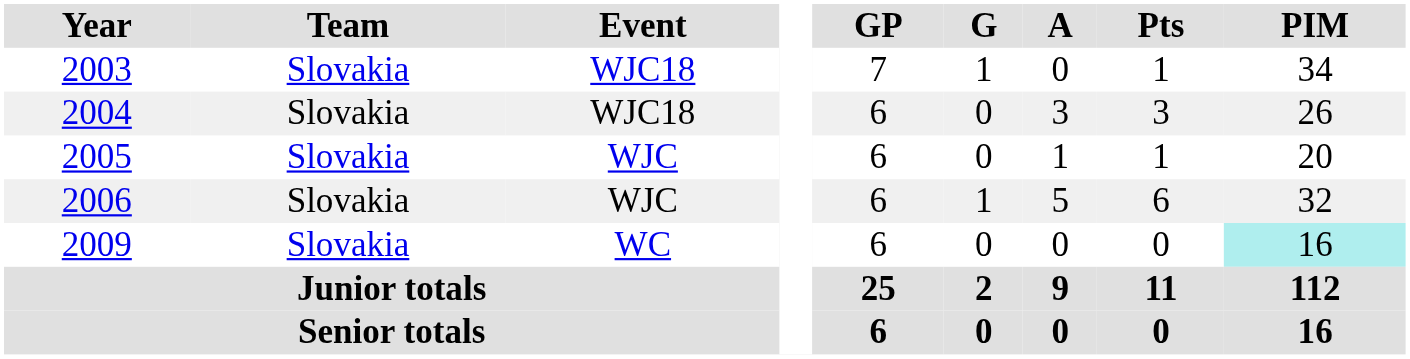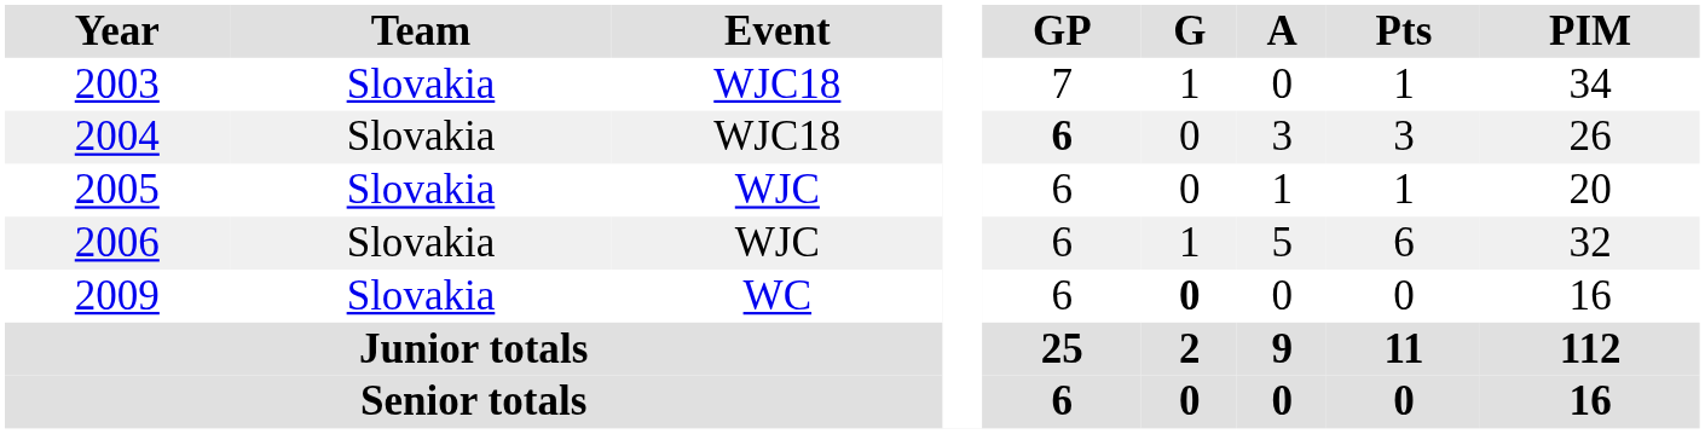 <table border="0" cellpadding="1" cellspacing="0" style="text-align:center; width:40em">
 <tr ALIGN="center" bgcolor="#e0e0e0">
 <th>Year</th>
 <th>Team</th>
 <th>Event</th>
 <th ALIGN="center" rowspan="99" bgcolor="#ffffff"> </th>
 <th>GP</th>
 <th>G</th>
 <th>A</th>
 <th>Pts</th>
 <th>PIM</th>
 </tr>
 <tr>
 <td><a href='#'>2003</a></td>
 <td><a href='#'>Slovakia</a></td>
 <td><a href='#'>WJC18</a></td>
 <td>7</td>
 <td>1</td>
 <td>0</td>
 <td>1</td>
 <td>34</td>
 </tr>
 <tr bgcolor="#f0f0f0">
 <td><a href='#'>2004</a></td>
 <td>Slovakia</td>
 <td>WJC18</td>
-<td>6</td>
+<td><strong>6</strong></td>
 <td>0</td>
 <td>3</td>
 <td>3</td>
 <td>26</td>
 </tr>
 <tr>
 <td><a href='#'>2005</a></td>
 <td><a href='#'>Slovakia</a></td>
 <td><a href='#'>WJC</a></td>
 <td>6</td>
 <td>0</td>
 <td>1</td>
 <td>1</td>
 <td>20</td>
 </tr>
 <tr bgcolor="#f0f0f0">
 <td><a href='#'>2006</a></td>
 <td>Slovakia</td>
 <td>WJC</td>
 <td>6</td>
 <td>1</td>
 <td>5</td>
 <td>6</td>
 <td>32</td>
 </tr>
 <tr>
 <td><a href='#'>2009</a></td>
 <td><a href='#'>Slovakia</a></td>
 <td><a href='#'>WC</a></td>
 <td>6</td>
+<td><strong>0</strong></td>
 <td>0</td>
 <td>0</td>
-<td>0</td>
-<td style="background: paleturquoise;">16</td>
+<td>16</td>
 </tr>
 <tr bgcolor="#e0e0e0">
 <th colspan="3">Junior totals</th>
 <th>25</th>
 <th>2</th>
 <th>9</th>
 <th>11</th>
 <th>112</th>
 </tr>
 <tr bgcolor="#e0e0e0">
 <th colspan="3">Senior totals</th>
 <th>6</th>
 <th>0</th>
 <th>0</th>
 <th>0</th>
 <th>16</th>
 </tr>
 </table>
